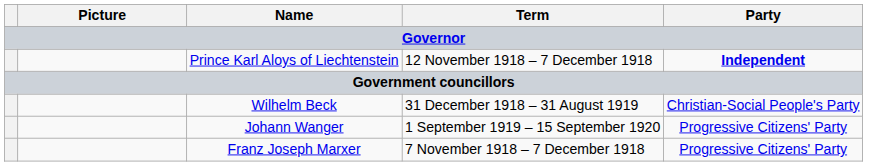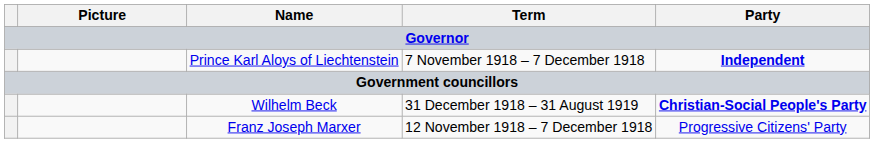 <table class="wikitable" style="text-align:center">
 <tr>
 <th style="width: 0.5em"></th>
 <th style="width: 11.5em"><strong>Picture</strong></th>
 <th>Name</th>
 <th>Term</th>
 <th>Party</th>
 </tr>
 <tr>
 <th colspan="5" style="background:#CCD2D9"><a href='#'>Governor</a></th>
 </tr>
 <tr>
 <th style="background:"></th>
 <td></td>
 <td><a href='#'>Prince Karl Aloys of Liechtenstein</a></td>
-<td style="text-align:left">12 November 1918 – 7 December 1918</td>
+<td style="text-align:left">7 November 1918 – 7 December 1918</td>
 <td><strong><a href='#'>Independent</a></strong></td>
 </tr>
 <tr>
 <th colspan="5" style="background:#CCD2D9">Government councillors</th>
 </tr>
 <tr>
 <th style="background:"></th>
 <td></td>
 <td><a href='#'>Wilhelm Beck</a></td>
 <td style="text-align:left">31 December 1918 – 31 August 1919</td>
-<td><a href='#'>Christian-Social People's Party</a></td>
-</tr>
-<tr>
-<th style="background:"></th>
-<td></td>
-<td><a href='#'>Johann Wanger</a></td>
-<td>1 September 1919 – 15 September 1920</td>
-<td><a href='#'>Progressive Citizens' Party</a></td>
+<td><strong><a href='#'>Christian-Social People's Party</a></strong></td>
 </tr>
 <tr>
 <th style="background:"></th>
 <td></td>
 <td><a href='#'>Franz Joseph Marxer</a></td>
-<td style="text-align:left">7 November 1918 – 7 December 1918</td>
+<td style="text-align:left">12 November 1918 – 7 December 1918</td>
 <td><a href='#'>Progressive Citizens' Party</a></td>
 </tr>
 </table>
